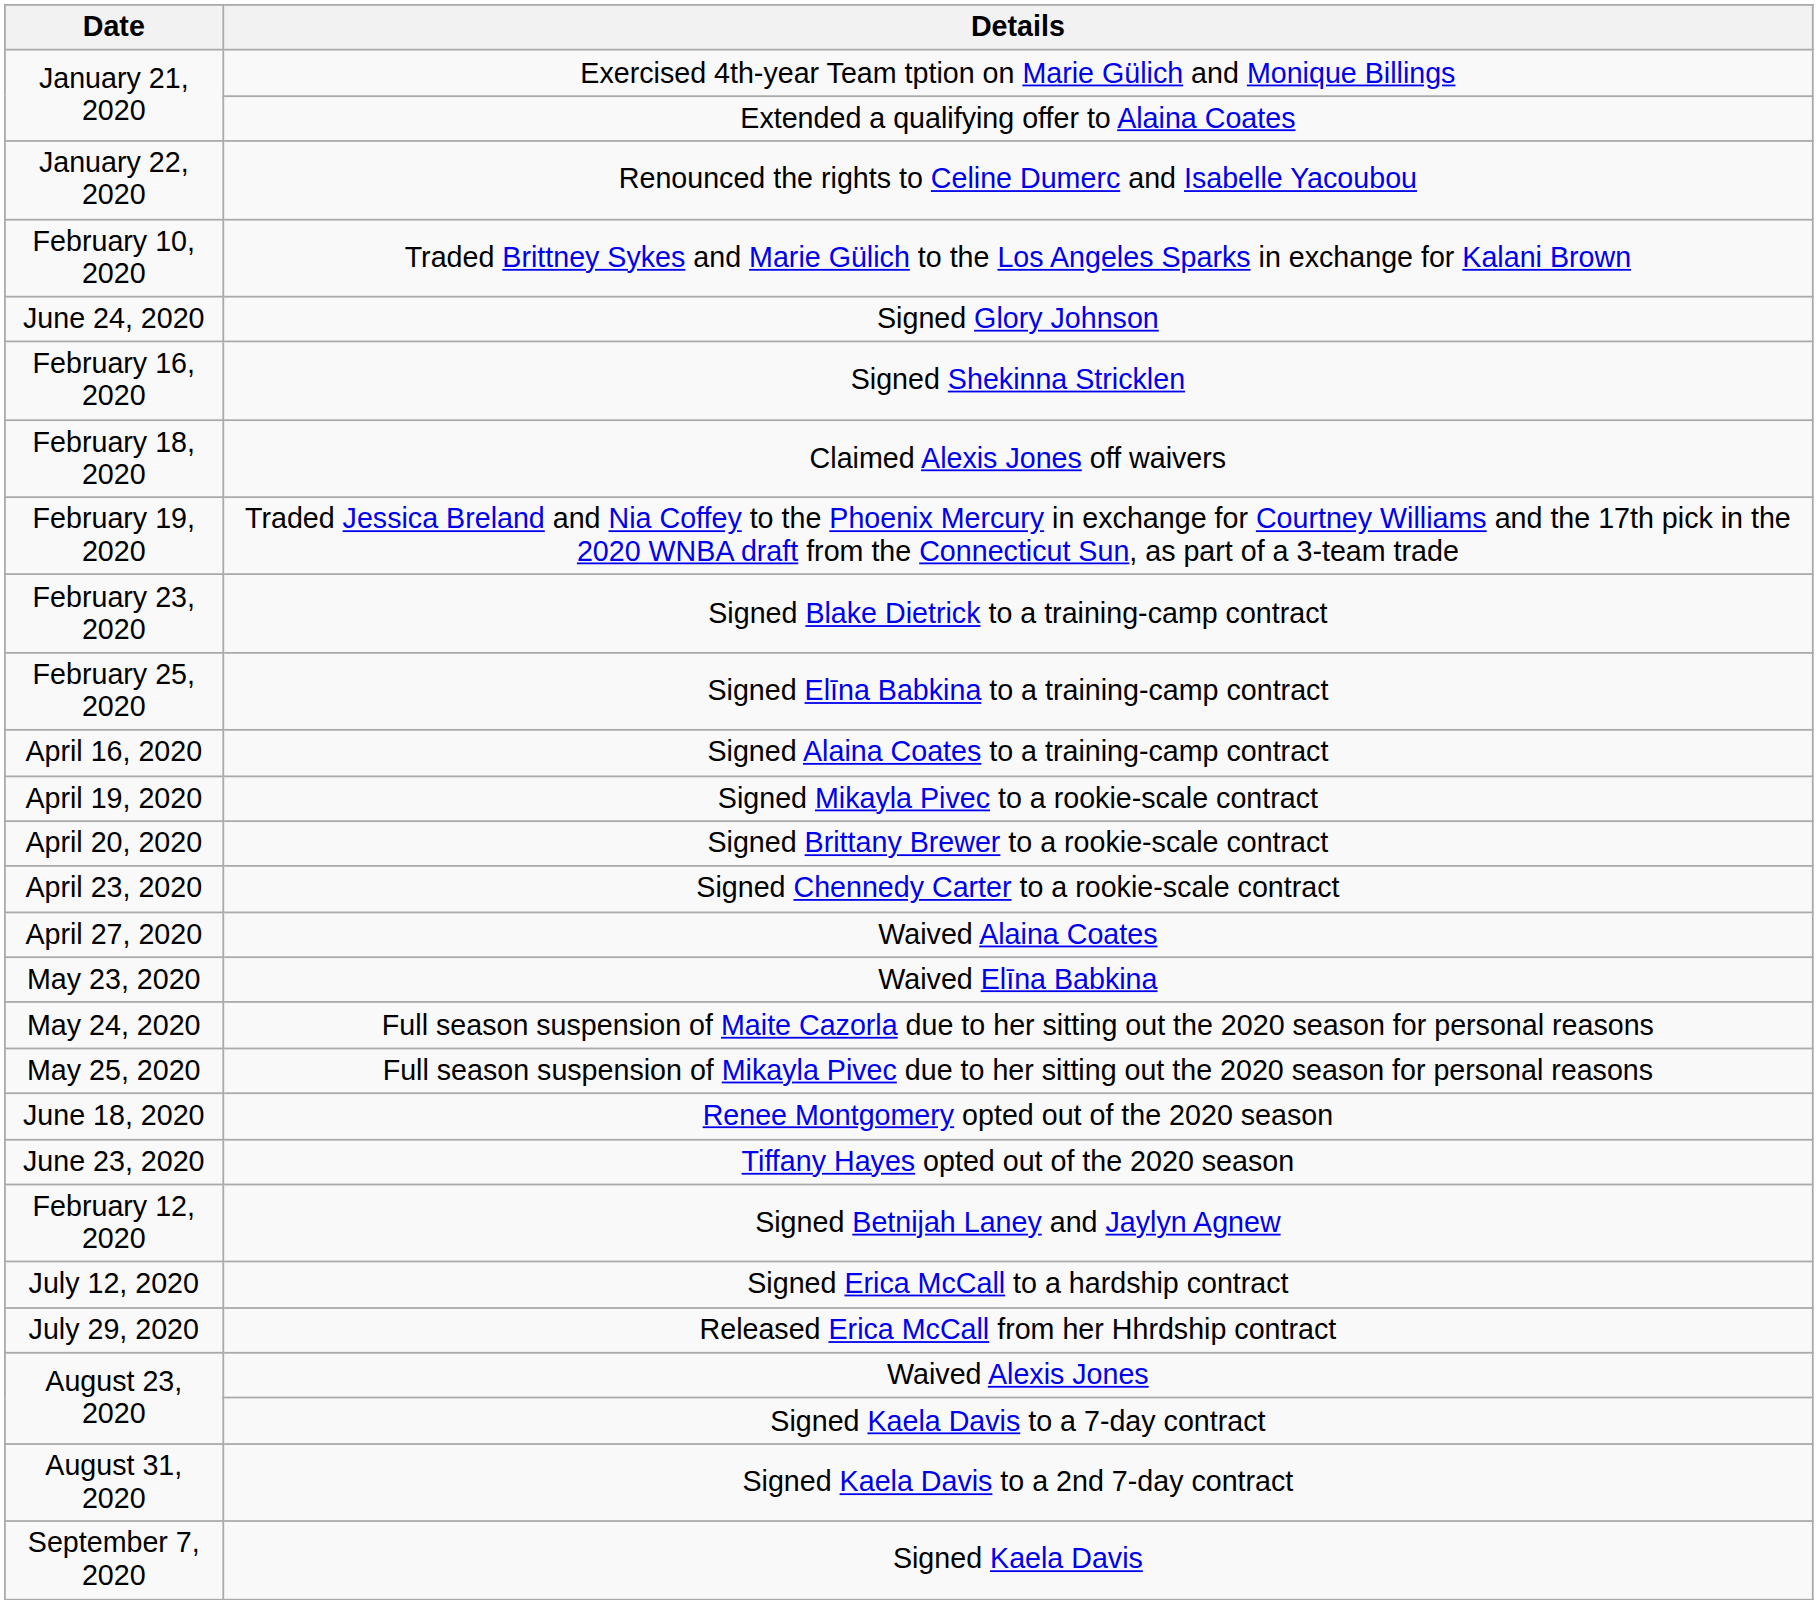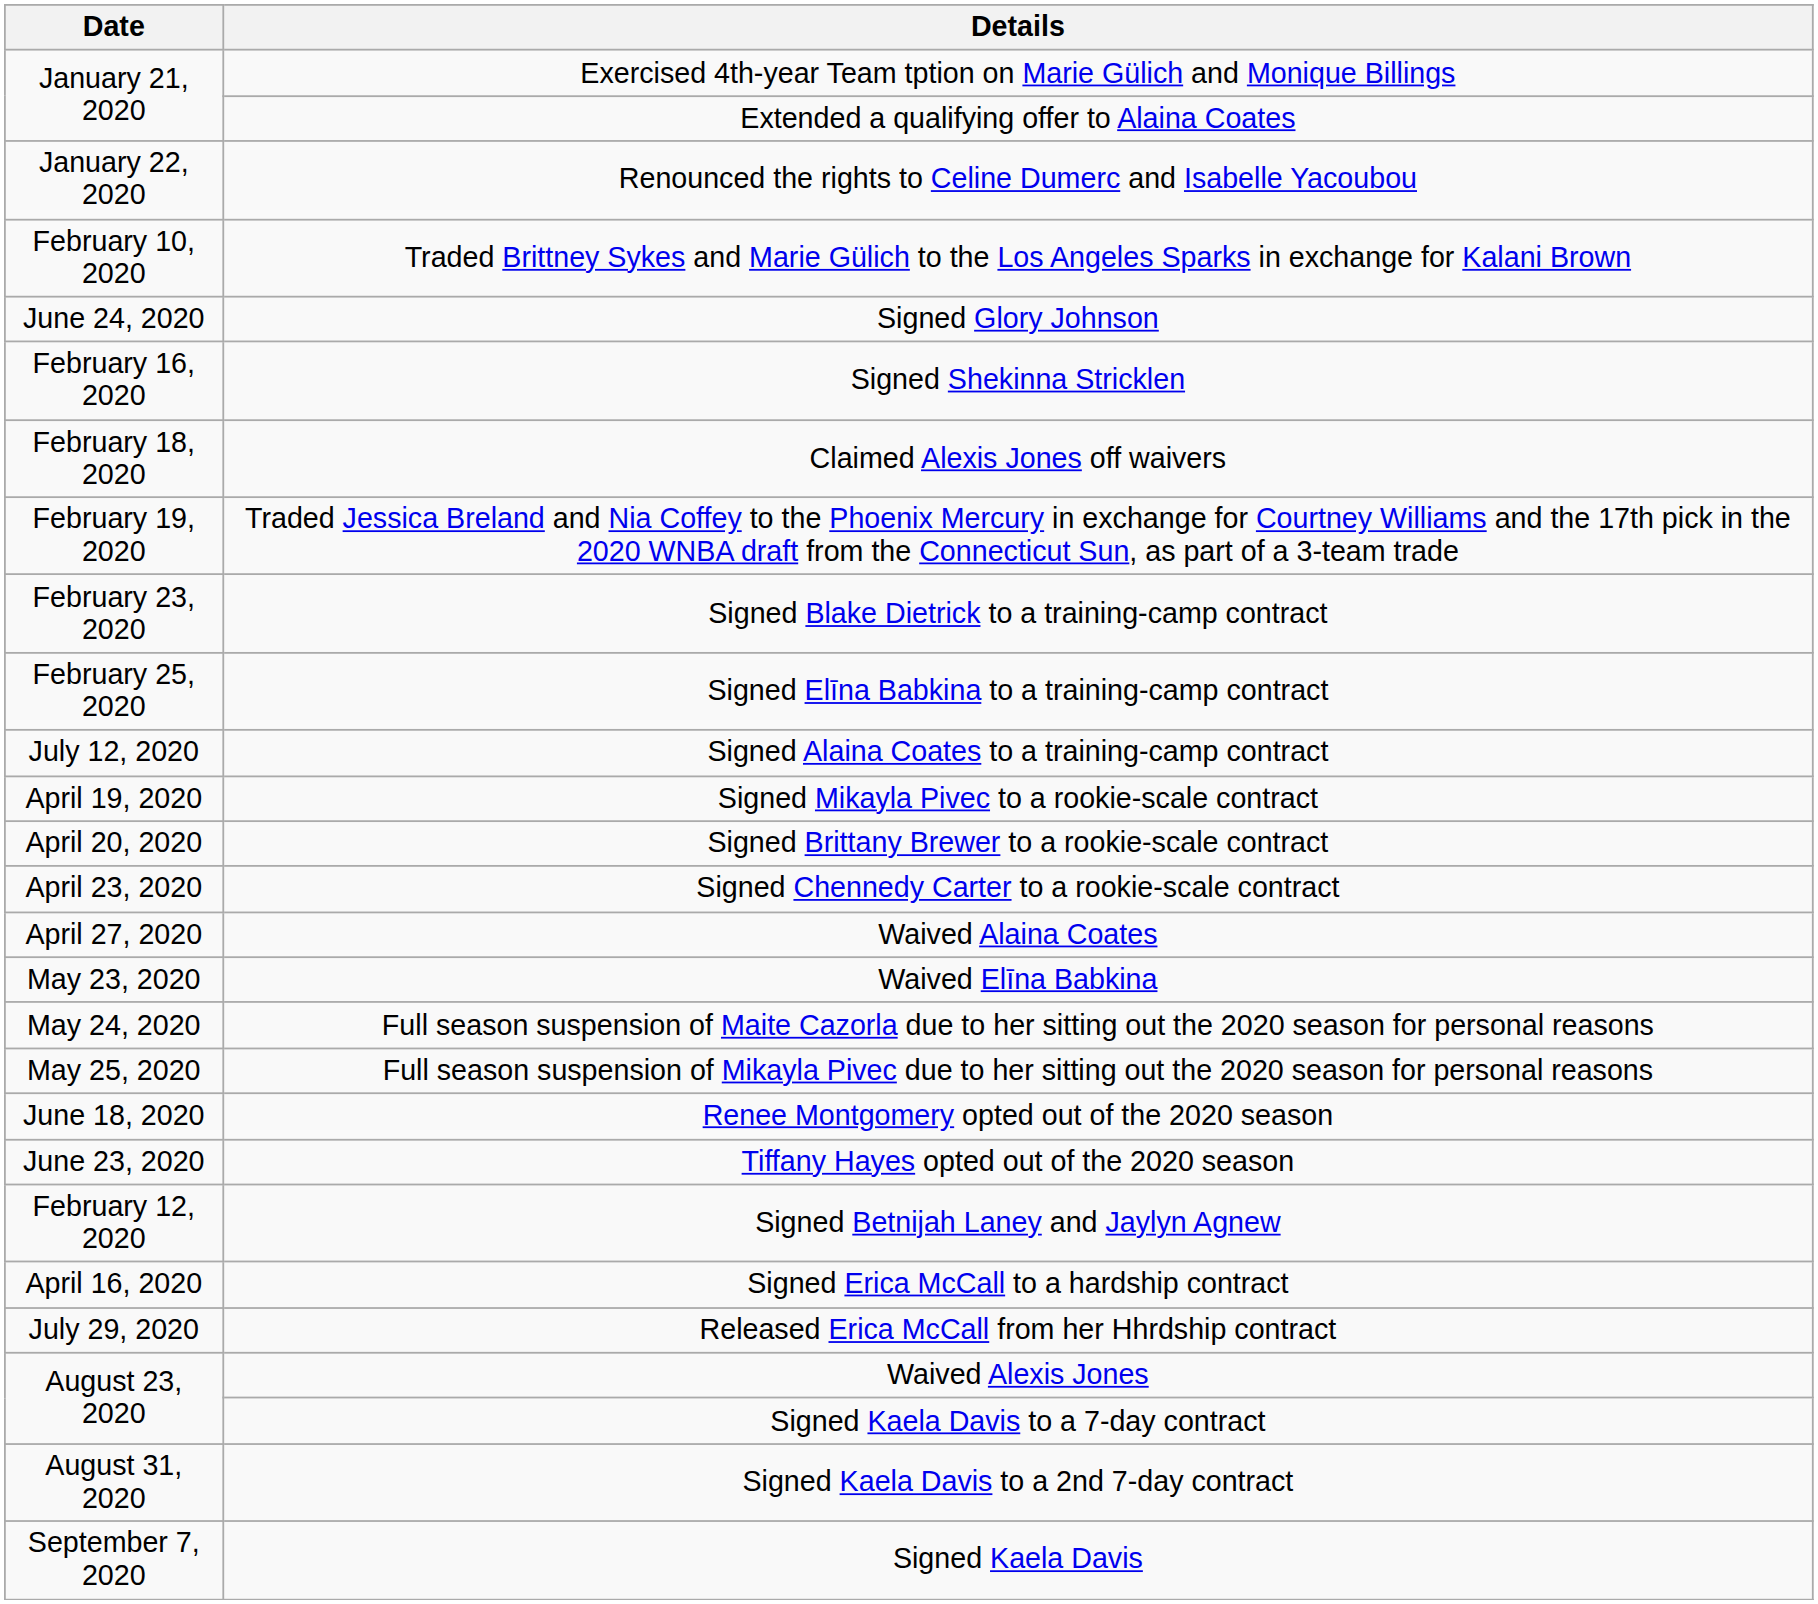 <table class="wikitable" style="width:80%; text-align:center">
 <tr>
 <th>Date</th>
 <th>Details</th>
 </tr>
 <tr>
 <td rowspan=2>January 21, 2020</td>
 <td>Exercised 4th-year Team tption on <a href='#'>Marie Gülich</a> and <a href='#'>Monique Billings</a></td>
 </tr>
 <tr>
 <td>Extended a qualifying offer to <a href='#'>Alaina Coates</a></td>
 </tr>
 <tr>
 <td>January 22, 2020</td>
 <td>Renounced the rights to <a href='#'>Celine Dumerc</a> and <a href='#'>Isabelle Yacoubou</a></td>
 </tr>
 <tr>
 <td>February 10, 2020</td>
 <td>Traded <a href='#'>Brittney Sykes</a> and <a href='#'>Marie Gülich</a> to the <a href='#'>Los Angeles Sparks</a> in exchange for <a href='#'>Kalani Brown</a></td>
 </tr>
 <tr>
 <td>June 24, 2020</td>
 <td>Signed <a href='#'>Glory Johnson</a></td>
 </tr>
 <tr>
 <td>February 16, 2020</td>
 <td>Signed <a href='#'>Shekinna Stricklen</a></td>
 </tr>
 <tr>
 <td>February 18, 2020</td>
 <td>Claimed <a href='#'>Alexis Jones</a> off waivers</td>
 </tr>
 <tr>
 <td>February 19, 2020</td>
 <td>Traded <a href='#'>Jessica Breland</a> and <a href='#'>Nia Coffey</a> to the <a href='#'>Phoenix Mercury</a> in exchange for <a href='#'>Courtney Williams</a> and the 17th pick in the <a href='#'>2020 WNBA draft</a> from the <a href='#'>Connecticut Sun</a>, as part of a 3-team trade</td>
 </tr>
 <tr>
 <td>February 23, 2020</td>
 <td>Signed <a href='#'>Blake Dietrick</a> to a training-camp contract</td>
 </tr>
 <tr>
 <td>February 25, 2020</td>
 <td>Signed <a href='#'>Elīna Babkina</a> to a training-camp contract</td>
 </tr>
 <tr>
-<td>April 16, 2020</td>
+<td>July 12, 2020</td>
 <td>Signed <a href='#'>Alaina Coates</a> to a training-camp contract</td>
 </tr>
 <tr>
 <td>April 19, 2020</td>
 <td>Signed <a href='#'>Mikayla Pivec</a> to a rookie-scale contract</td>
 </tr>
 <tr>
 <td>April 20, 2020</td>
 <td>Signed <a href='#'>Brittany Brewer</a> to a rookie-scale contract</td>
 </tr>
 <tr>
 <td>April 23, 2020</td>
 <td>Signed <a href='#'>Chennedy Carter</a> to a rookie-scale contract</td>
 </tr>
 <tr>
 <td>April 27, 2020</td>
 <td>Waived <a href='#'>Alaina Coates</a></td>
 </tr>
 <tr>
 <td>May 23, 2020</td>
 <td>Waived <a href='#'>Elīna Babkina</a></td>
 </tr>
 <tr>
 <td>May 24, 2020</td>
 <td>Full season suspension of <a href='#'>Maite Cazorla</a> due to her sitting out the 2020 season for personal reasons</td>
 </tr>
 <tr>
 <td>May 25, 2020</td>
 <td>Full season suspension of <a href='#'>Mikayla Pivec</a> due to her sitting out the 2020 season for personal reasons</td>
 </tr>
 <tr>
 <td>June 18, 2020</td>
 <td><a href='#'>Renee Montgomery</a> opted out of the 2020 season</td>
 </tr>
 <tr>
 <td>June 23, 2020</td>
 <td><a href='#'>Tiffany Hayes</a> opted out of the 2020 season</td>
 </tr>
 <tr>
 <td>February 12, 2020</td>
 <td>Signed <a href='#'>Betnijah Laney</a> and <a href='#'>Jaylyn Agnew</a></td>
 </tr>
 <tr>
-<td>July 12, 2020</td>
+<td>April 16, 2020</td>
 <td>Signed <a href='#'>Erica McCall</a> to a hardship contract</td>
 </tr>
 <tr>
 <td>July 29, 2020</td>
 <td>Released <a href='#'>Erica McCall</a> from her Hhrdship contract</td>
 </tr>
 <tr>
 <td rowspan=2>August 23, 2020</td>
 <td>Waived <a href='#'>Alexis Jones</a></td>
 </tr>
 <tr>
 <td>Signed <a href='#'>Kaela Davis</a> to a 7-day contract</td>
 </tr>
 <tr>
 <td>August 31, 2020</td>
 <td>Signed <a href='#'>Kaela Davis</a> to a 2nd 7-day contract</td>
 </tr>
 <tr>
 <td>September 7, 2020</td>
 <td>Signed <a href='#'>Kaela Davis</a></td>
 </tr>
 <tr>
 </tr>
 </table>
